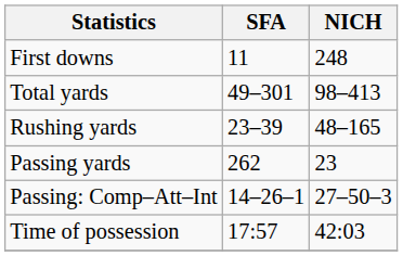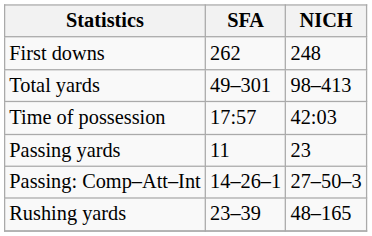 <table class="wikitable" style="float: left;">
 <tr>
 <th>Statistics</th>
 <th>SFA</th>
 <th>NICH</th>
 </tr>
 <tr>
 <td>First downs</td>
-<td>11</td>
+<td>262</td>
 <td>248</td>
 </tr>
 <tr>
 <td>Total yards</td>
 <td>49–301</td>
 <td>98–413</td>
 </tr>
 <tr>
-<td>Rushing yards</td>
-<td>23–39</td>
-<td>48–165</td>
+<td>Time of possession</td>
+<td>17:57</td>
+<td>42:03</td>
 </tr>
 <tr>
 <td>Passing yards</td>
-<td>262</td>
+<td>11</td>
 <td>23</td>
 </tr>
 <tr>
 <td>Passing: Comp–Att–Int</td>
 <td>14–26–1</td>
 <td>27–50–3</td>
 </tr>
 <tr>
-<td>Time of possession</td>
-<td>17:57</td>
-<td>42:03</td>
+<td>Rushing yards</td>
+<td>23–39</td>
+<td>48–165</td>
 </tr>
 <tr>
 </tr>
 </table>
